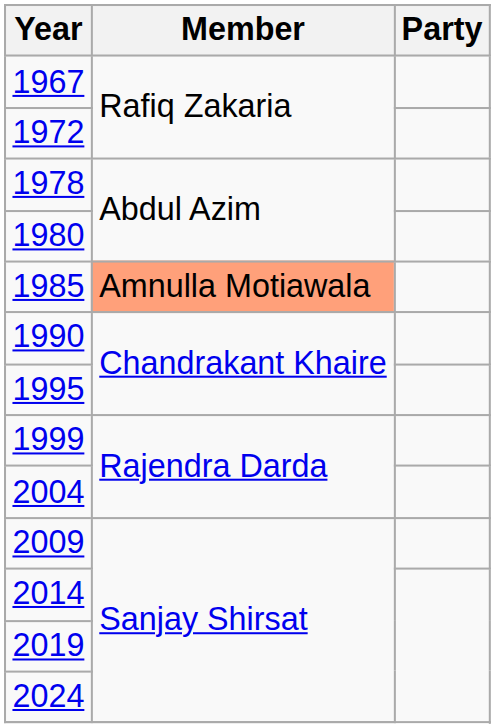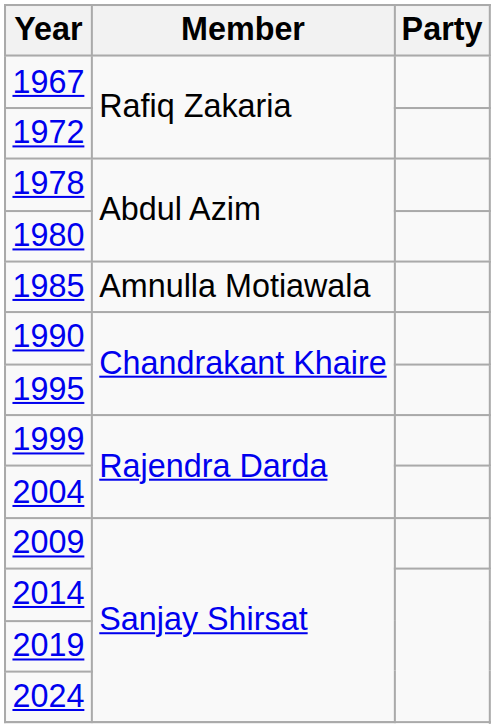 <table class="wikitable">
 <tr>
 <th>Year</th>
 <th>Member</th>
 <th colspan=2>Party</th>
 </tr>
 <tr>
 <td><a href='#'>1967</a></td>
 <td rowspan="2">Rafiq Zakaria</td>
 <td></td>
 </tr>
 <tr>
 <td><a href='#'>1972</a></td>
 </tr>
 <tr>
 <td><a href='#'>1978</a></td>
 <td rowspan="2">Abdul Azim</td>
 <td></td>
 </tr>
 <tr>
 <td><a href='#'>1980</a></td>
 </tr>
 <tr>
 <td><a href='#'>1985</a></td>
-<td style="background: lightsalmon;">Amnulla Motiawala</td>
+<td>Amnulla Motiawala</td>
 <td></td>
 </tr>
 <tr>
 <td><a href='#'>1990</a></td>
 <td rowspan=2><a href='#'>Chandrakant Khaire</a></td>
 <td></td>
 </tr>
 <tr>
 <td><a href='#'>1995</a></td>
 </tr>
 <tr>
 <td><a href='#'>1999</a></td>
 <td rowspan=2><a href='#'>Rajendra Darda</a></td>
 <td></td>
 </tr>
 <tr>
 <td><a href='#'>2004</a></td>
 </tr>
 <tr>
 <td><a href='#'>2009</a></td>
 <td rowspan=4><a href='#'>Sanjay Shirsat</a></td>
 <td></td>
 </tr>
 <tr>
 <td><a href='#'>2014</a></td>
 </tr>
 <tr>
 <td><a href='#'>2019</a></td>
 </tr>
 <tr>
 <td><a href='#'>2024</a></td>
 </tr>
 <tr>
 </tr>
 </table>
